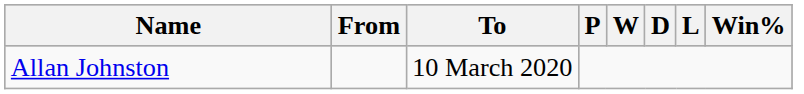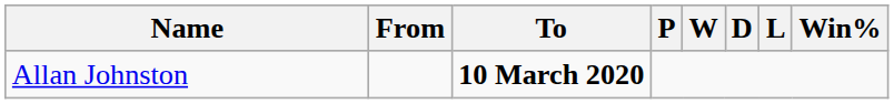 <table class="wikitable sortable" style="text-align: center;">
 <tr>
 <th style="width:12em">Name</th>
 <th>From</th>
 <th>To</th>
 <th>P</th>
 <th>W</th>
 <th>D</th>
 <th>L</th>
 <th>Win%</th>
 </tr>
 <tr>
 <td align=left><a href='#'>Allan Johnston</a></td>
 <td></td>
-<td>10 March 2020<br></td>
+<td><strong>10 March 2020<br></strong></td>
 </tr>
 </table>
